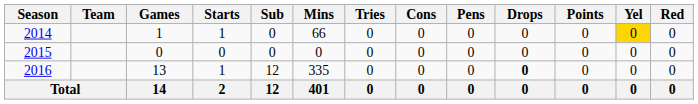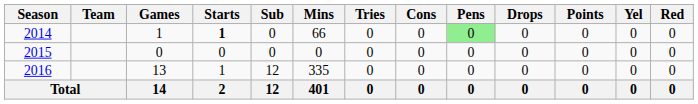 <table class="wikitable" style="text-align:center; line-height:90%; font-size:95%; width:60%;">
 <tr>
 <th>Season</th>
 <th>Team</th>
 <th>Games</th>
 <th>Starts</th>
 <th>Sub</th>
 <th>Mins</th>
 <th>Tries</th>
 <th>Cons</th>
 <th>Pens</th>
 <th>Drops</th>
 <th>Points</th>
 <th>Yel</th>
 <th>Red</th>
 </tr>
 <tr>
 <td><a href='#'>2014</a></td>
 <td></td>
 <td>1</td>
-<td>1</td>
+<td><strong>1</strong></td>
 <td>0</td>
 <td>66</td>
 <td>0</td>
 <td>0</td>
+<td style="background: lightgreen;">0</td>
 <td>0</td>
 <td>0</td>
 <td>0</td>
-<td style="background: gold;">0</td>
 <td>0</td>
 </tr>
 <tr>
 <td><a href='#'>2015</a></td>
 <td></td>
 <td>0</td>
 <td>0</td>
 <td>0</td>
 <td>0</td>
 <td>0</td>
 <td>0</td>
 <td>0</td>
 <td>0</td>
 <td>0</td>
 <td>0</td>
 <td>0</td>
 </tr>
 <tr>
 <td><a href='#'>2016</a></td>
 <td></td>
 <td>13</td>
 <td>1</td>
 <td>12</td>
 <td>335</td>
 <td>0</td>
 <td>0</td>
 <td>0</td>
-<td><strong>0</strong></td>
+<td>0</td>
 <td>0</td>
 <td>0</td>
 <td>0</td>
 </tr>
 <tr>
 <th colspan="2">Total</th>
 <th>14</th>
 <th>2</th>
 <th>12</th>
 <th>401</th>
 <th>0</th>
 <th>0</th>
 <th>0</th>
 <th>0</th>
 <th>0</th>
 <th>0</th>
 <th>0</th>
 </tr>
 </table>
